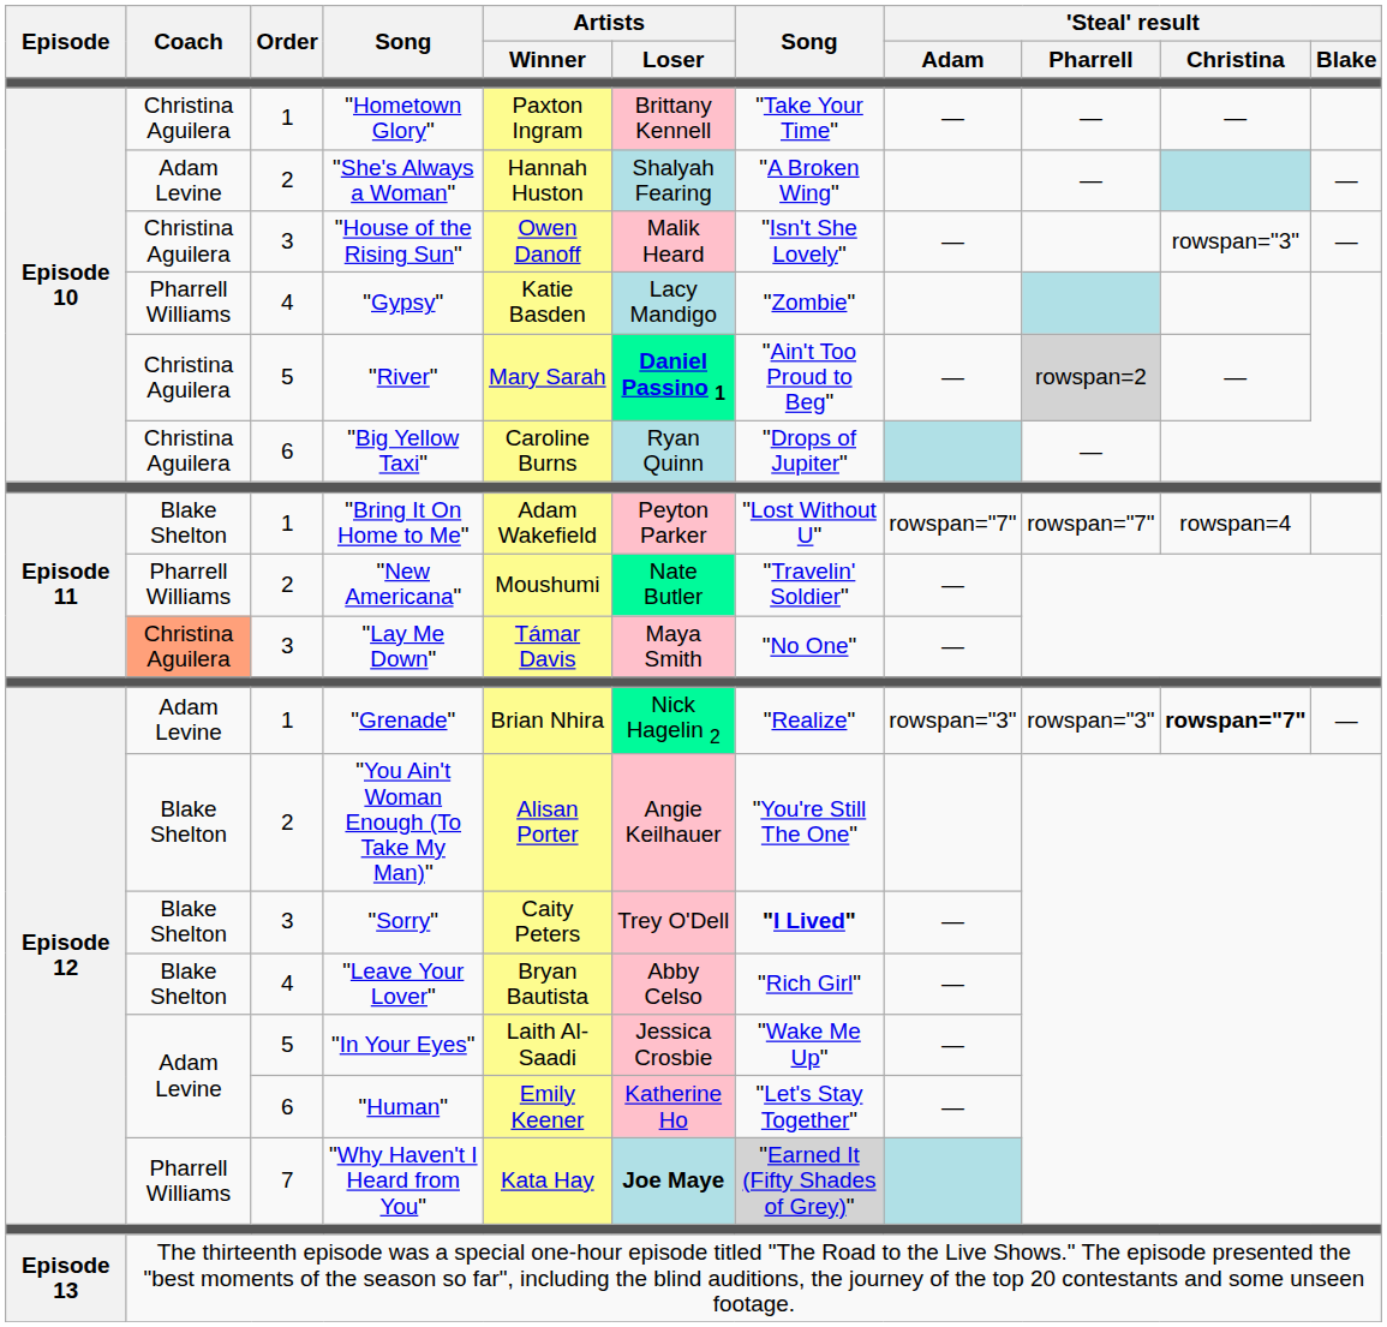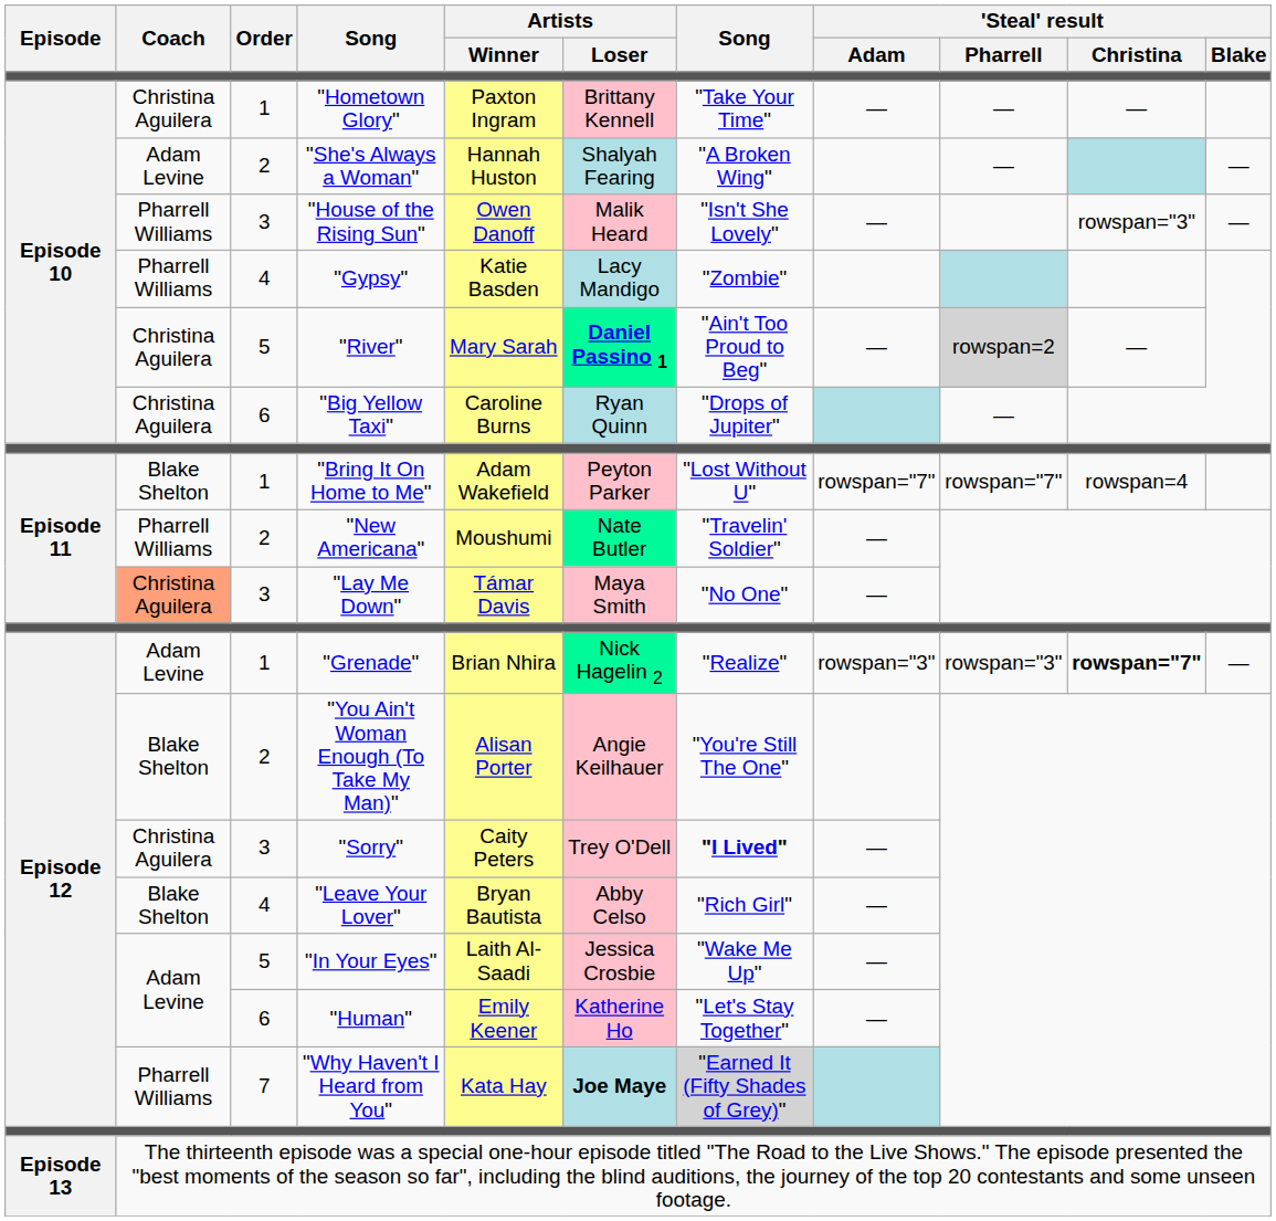 <table class="wikitable" style="text-align: center; width:110%;">
 <tr>
 <th rowspan="2" style="width:13%;">Episode</th>
 <th rowspan="2" style="width:14%;">Coach</th>
 <th rowspan="2" style="width:05%;">Order</th>
 <th rowspan="2" style="width:18%;">Song</th>
 <th colspan="2" style="width:22%;">Artists</th>
 <th rowspan="2" style="width:19%;">Song</th>
 <th colspan="4" style="width:20%;">'Steal' result</th>
 </tr>
 <tr>
 <th style="width:12%;">Winner</th>
 <th style="width:12%;">Loser</th>
 <th style="width:05%;">Adam</th>
 <th style="width:05%;">Pharrell</th>
 <th style="width:05%;">Christina</th>
 <th style="width:05%;">Blake</th>
 </tr>
 <tr>
 <td colspan="11" style="background:#555;"></td>
 </tr>
 <tr>
 <th rowspan="6">Episode 10<br><small></small></th>
 <td>Christina Aguilera</td>
 <td>1</td>
 <td>"<a href='#'>Hometown Glory</a>"</td>
 <td style="background:#fdfc8f;">Paxton Ingram</td>
 <td style="background:pink;">Brittany Kennell</td>
 <td>"<a href='#'>Take Your Time</a>"</td>
 <td>—</td>
 <td>—</td>
 <td>—</td>
 <td></td>
 </tr>
 <tr>
 <td>Adam Levine</td>
 <td>2</td>
 <td>"<a href='#'>She's Always a Woman</a>"</td>
 <td style="background:#fdfc8f;">Hannah Huston</td>
 <td style="background:#B0E0E6;">Shalyah Fearing</td>
 <td>"<a href='#'>A Broken Wing</a>"</td>
 <td></td>
 <td>—</td>
 <td style="background:#B0E0E6;"><strong></strong></td>
 <td>—</td>
 </tr>
 <tr>
-<td>Christina Aguilera</td>
+<td>Pharrell Williams</td>
 <td>3</td>
 <td>"<a href='#'>House of the Rising Sun</a>"</td>
 <td style="background:#fdfc8f;"><a href='#'>Owen Danoff</a></td>
 <td style="background:pink;">Malik Heard</td>
 <td>"<a href='#'>Isn't She Lovely</a>"</td>
 <td>—</td>
 <td></td>
 <td>rowspan="3" </td>
 <td>—</td>
 </tr>
 <tr>
 <td>Pharrell Williams</td>
 <td>4</td>
 <td>"<a href='#'>Gypsy</a>"</td>
 <td style="background:#fdfc8f;">Katie Basden</td>
 <td style="background:#B0E0E6;">Lacy Mandigo</td>
 <td>"<a href='#'>Zombie</a>"</td>
 <td><strong></strong></td>
 <td style="background:#B0E0E6;"><strong></strong></td>
 <td></td>
 </tr>
 <tr>
 <td>Christina Aguilera</td>
 <td>5</td>
 <td>"<a href='#'>River</a>"</td>
 <td style="background:#fdfc8f;"><a href='#'>Mary Sarah</a></td>
 <td style="background:#00fa9a;"><strong><a href='#'>Daniel Passino</a> <sub>1</sub></strong></td>
 <td>"<a href='#'>Ain't Too Proud to Beg</a>"</td>
 <td>—</td>
 <td style="background: lightgrey;">rowspan=2 </td>
 <td>—</td>
 </tr>
 <tr>
 <td>Christina Aguilera</td>
 <td>6</td>
 <td>"<a href='#'>Big Yellow Taxi</a>"</td>
 <td style="background:#fdfc8f;">Caroline Burns</td>
 <td style="background:#B0E0E6;">Ryan Quinn</td>
 <td>"<a href='#'>Drops of Jupiter</a>"</td>
 <td style="background:#B0E0E6;"><strong></strong></td>
 <td>—</td>
 </tr>
 <tr>
 <td colspan="11" style="background:#555;"></td>
 </tr>
 <tr>
 <th rowspan="3">Episode 11<br><small></small></th>
 <td>Blake Shelton</td>
 <td>1</td>
 <td>"<a href='#'>Bring It On Home to Me</a>"</td>
 <td style="background:#fdfc8f;">Adam Wakefield</td>
 <td style="background:pink;">Peyton Parker</td>
 <td>"<a href='#'>Lost Without U</a>"</td>
 <td>rowspan="7" </td>
 <td>rowspan="7" </td>
 <td>rowspan=4 </td>
 <td></td>
 </tr>
 <tr>
 <td>Pharrell Williams</td>
 <td>2</td>
 <td>"<a href='#'>New Americana</a>"</td>
 <td style="background:#fdfc8f;">Moushumi</td>
 <td style="background:#00fa9a;">Nate Butler</td>
 <td>"<a href='#'>Travelin' Soldier</a>"</td>
 <td>—</td>
 </tr>
 <tr>
 <td style="background: lightsalmon;">Christina Aguilera</td>
 <td>3</td>
 <td>"<a href='#'>Lay Me Down</a>"</td>
 <td style="background:#fdfc8f;"><a href='#'>Támar Davis</a></td>
 <td style="background:pink;">Maya Smith</td>
 <td>"<a href='#'>No One</a>"</td>
 <td>—</td>
 </tr>
 <tr>
 <td colspan="11" style="background:#555;"></td>
 </tr>
 <tr>
 <th rowspan="7">Episode 12<br><small></small></th>
 <td>Adam Levine</td>
 <td>1</td>
 <td>"<a href='#'>Grenade</a>"</td>
 <td style="background:#fdfc8f;">Brian Nhira</td>
 <td style="background:#00fa9a;">Nick Hagelin <sub>2 </sub></td>
 <td>"<a href='#'>Realize</a>"</td>
 <td>rowspan="3" </td>
 <td>rowspan="3" </td>
 <td><strong>rowspan="7" </strong></td>
 <td>—</td>
 </tr>
 <tr>
 <td>Blake Shelton</td>
 <td>2</td>
 <td>"<a href='#'>You Ain't Woman Enough (To Take My Man)</a>"</td>
 <td style="background:#fdfc8f;"><a href='#'>Alisan Porter</a></td>
 <td style="background:pink;">Angie Keilhauer</td>
 <td>"<a href='#'>You're Still The One</a>"</td>
 <td></td>
 </tr>
 <tr>
-<td>Blake Shelton</td>
+<td>Christina Aguilera</td>
 <td>3</td>
 <td>"<a href='#'>Sorry</a>"</td>
 <td style="background:#fdfc8f;">Caity Peters</td>
 <td style="background:pink;">Trey O'Dell</td>
 <td><strong>"<a href='#'>I Lived</a>"</strong></td>
 <td>—</td>
 </tr>
 <tr>
 <td>Blake Shelton</td>
 <td>4</td>
 <td>"<a href='#'>Leave Your Lover</a>"</td>
 <td style="background:#fdfc8f;">Bryan Bautista</td>
 <td style="background:pink;">Abby Celso</td>
 <td>"<a href='#'>Rich Girl</a>"</td>
 <td>—</td>
 </tr>
 <tr>
 <td rowspan="2">Adam Levine</td>
 <td>5</td>
 <td>"<a href='#'>In Your Eyes</a>"</td>
 <td style="background:#fdfc8f;">Laith Al-Saadi</td>
 <td style="background:pink;">Jessica Crosbie</td>
 <td>"<a href='#'>Wake Me Up</a>"</td>
 <td>—</td>
 </tr>
 <tr>
 <td>6</td>
 <td>"<a href='#'>Human</a>"</td>
 <td style="background:#fdfc8f;"><a href='#'>Emily Keener</a></td>
 <td style="background:pink;"><a href='#'>Katherine Ho</a></td>
 <td>"<a href='#'>Let's Stay Together</a>"</td>
 <td>—</td>
 </tr>
 <tr>
 <td>Pharrell Williams</td>
 <td>7</td>
 <td>"<a href='#'>Why Haven't I Heard from You</a>"</td>
 <td style="background:#fdfc8f;"><a href='#'>Kata Hay</a></td>
 <td style="background:#B0E0E6;"><strong>Joe Maye</strong></td>
 <td style="background: lightgrey;">"<a href='#'>Earned It (Fifty Shades of Grey)</a>"</td>
 <td style="background:#B0E0E6;"><strong></strong></td>
 </tr>
 <tr>
 <td colspan="11" style="background:#555;"></td>
 </tr>
 <tr>
 <th>Episode 13<br><small></small></th>
 <td colspan="10">The thirteenth episode was a special one-hour episode titled "The Road to the Live Shows." The episode presented the "best moments of the season so far", including the blind auditions, the journey of the top 20 contestants and some unseen footage.</td>
 </tr>
 </table>
